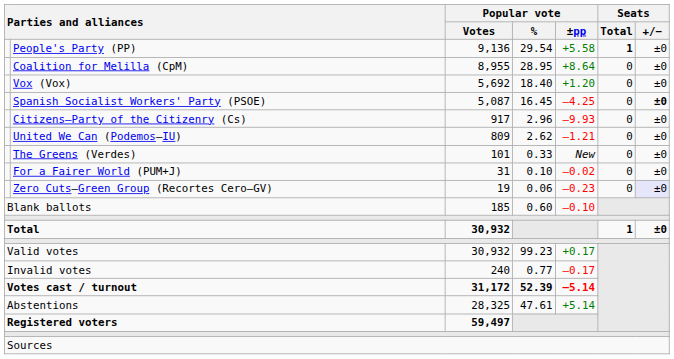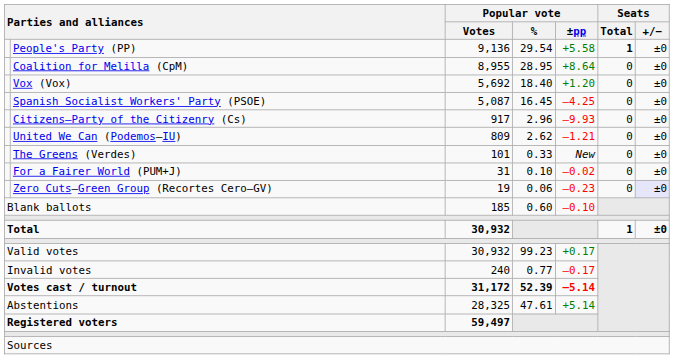 <table class="wikitable" style="text-align:right;">
 <tr>
 <th style="text-align:left;" rowspan="2" colspan="2" width="525">Parties and alliances</th>
 <th colspan="3">Popular vote</th>
 <th colspan="2">Seats</th>
 </tr>
 <tr>
 <th width="75">Votes</th>
 <th width="45">%</th>
 <th width="45">±<a href='#'>pp</a></th>
 <th width="35">Total</th>
 <th width="35">+/−</th>
 </tr>
 <tr>
 <td width="1" style="color:inherit;background:"></td>
 <td align="left"><a href='#'>People's Party</a> (PP)</td>
 <td>9,136</td>
 <td>29.54</td>
 <td style="color:green;">+5.58</td>
 <td><strong>1</strong></td>
 <td>±0</td>
 </tr>
 <tr>
 <td style="color:inherit;background:"></td>
 <td align="left"><a href='#'>Coalition for Melilla</a> (CpM)</td>
 <td>8,955</td>
 <td>28.95</td>
 <td style="color:green;">+8.64</td>
 <td>0</td>
 <td>±0</td>
 </tr>
 <tr>
 <td style="color:inherit;background:"></td>
 <td align="left"><a href='#'>Vox</a> (Vox)</td>
 <td>5,692</td>
 <td>18.40</td>
 <td style="color:green;">+1.20</td>
 <td>0</td>
 <td>±0</td>
 </tr>
 <tr>
 <td style="color:inherit;background:"></td>
 <td align="left"><a href='#'>Spanish Socialist Workers' Party</a> (PSOE)</td>
 <td>5,087</td>
 <td>16.45</td>
 <td style="color:red;">–4.25</td>
 <td>0</td>
-<td><strong>±0</strong></td>
+<td>±0</td>
 </tr>
 <tr>
 <td style="color:inherit;background:"></td>
 <td align="left"><a href='#'>Citizens–Party of the Citizenry</a> (Cs)</td>
 <td>917</td>
 <td>2.96</td>
 <td style="color:red;">–9.93</td>
 <td>0</td>
 <td>±0</td>
 </tr>
 <tr>
 <td style="color:inherit;background:"></td>
 <td align="left"><a href='#'>United We Can</a> (<a href='#'>Podemos</a>–<a href='#'>IU</a>)</td>
 <td>809</td>
 <td>2.62</td>
 <td style="color:red;">–1.21</td>
 <td>0</td>
 <td>±0</td>
 </tr>
 <tr>
 <td style="color:inherit;background:"></td>
 <td align="left"><a href='#'>The Greens</a> (Verdes)</td>
 <td>101</td>
 <td>0.33</td>
 <td><em>New</em></td>
 <td>0</td>
 <td>±0</td>
 </tr>
 <tr>
 <td style="color:inherit;background:"></td>
 <td align="left"><a href='#'>For a Fairer World</a> (PUM+J)</td>
 <td>31</td>
 <td>0.10</td>
 <td style="color:red;">–0.02</td>
 <td>0</td>
 <td>±0</td>
 </tr>
 <tr>
 <td style="color:inherit;background:"></td>
 <td align="left"><a href='#'>Zero Cuts</a>–<a href='#'>Green Group</a> (Recortes Cero–GV)</td>
 <td>19</td>
 <td>0.06</td>
 <td style="color:red;">–0.23</td>
 <td>0</td>
 <td style="background: lavender;">±0</td>
 </tr>
 <tr>
 <td align="left" colspan="2">Blank ballots</td>
 <td>185</td>
 <td>0.60</td>
 <td style="color:red;">–0.10</td>
 <td bgcolor="#E9E9E9" colspan="2"></td>
 </tr>
 <tr>
 <td colspan="7" bgcolor="#E9E9E9"></td>
 </tr>
 <tr style="font-weight:bold;">
 <td align="left" colspan="2">Total</td>
 <td>30,932</td>
 <td bgcolor="#E9E9E9" colspan="2"></td>
 <td>1</td>
 <td>±0</td>
 </tr>
 <tr>
 <td colspan="7" bgcolor="#E9E9E9"></td>
 </tr>
 <tr>
 <td align="left" colspan="2">Valid votes</td>
 <td>30,932</td>
 <td>99.23</td>
 <td style="color:green;">+0.17</td>
 <td bgcolor="#E9E9E9" colspan="2" rowspan="5"></td>
 </tr>
 <tr>
 <td align="left" colspan="2">Invalid votes</td>
 <td>240</td>
 <td>0.77</td>
 <td style="color:red;">–0.17</td>
 </tr>
 <tr style="font-weight:bold;">
 <td align="left" colspan="2">Votes cast / turnout</td>
 <td>31,172</td>
 <td>52.39</td>
 <td style="color:red;">–5.14</td>
 </tr>
 <tr>
 <td align="left" colspan="2">Abstentions</td>
 <td>28,325</td>
 <td>47.61</td>
 <td style="color:green;">+5.14</td>
 </tr>
 <tr style="font-weight:bold;">
 <td align="left" colspan="2">Registered voters</td>
 <td>59,497</td>
 <td bgcolor="#E9E9E9" colspan="2"></td>
 </tr>
 <tr>
 <td colspan="7" bgcolor="#E9E9E9"></td>
 </tr>
 <tr>
 <td align="left" colspan="7">Sources</td>
 </tr>
 </table>
